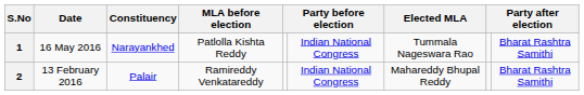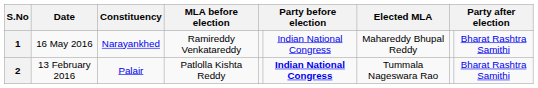 <table class="wikitable sortable" style="text-align:center;">
 <tr>
 <th>S.No</th>
 <th>Date</th>
 <th>Constituency</th>
 <th>MLA before election</th>
 <th colspan="2">Party before election</th>
 <th>Elected MLA</th>
 <th colspan="2">Party after election</th>
 </tr>
 <tr>
 <th>1</th>
 <td>16 May 2016</td>
 <td><a href='#'>Narayankhed</a></td>
-<td>Patlolla Kishta Reddy</td>
+<td>Ramireddy Venkatareddy</td>
 <td></td>
 <td><a href='#'>Indian National Congress</a></td>
-<td>Tummala Nageswara Rao</td>
+<td>Mahareddy Bhupal Reddy</td>
 <td></td>
 <td><a href='#'>Bharat Rashtra Samithi</a></td>
 </tr>
 <tr>
 <th>2</th>
 <td>13 February 2016</td>
 <td><a href='#'>Palair</a></td>
-<td>Ramireddy Venkatareddy</td>
+<td>Patlolla Kishta Reddy</td>
 <td></td>
-<td><a href='#'>Indian National Congress</a></td>
-<td>Mahareddy Bhupal Reddy</td>
+<td><strong><a href='#'>Indian National Congress</a></strong></td>
+<td>Tummala Nageswara Rao</td>
 <td></td>
 <td><a href='#'>Bharat Rashtra Samithi</a></td>
 </tr>
 </table>
